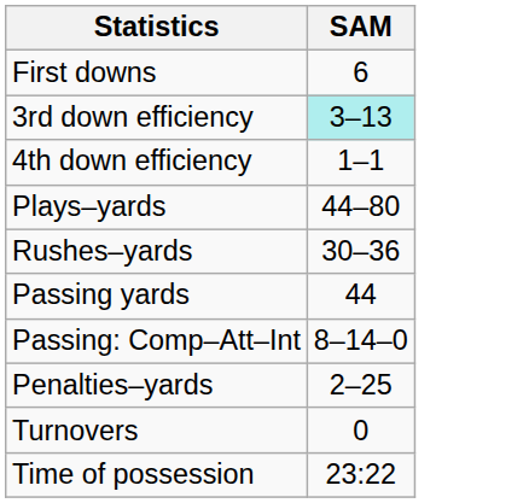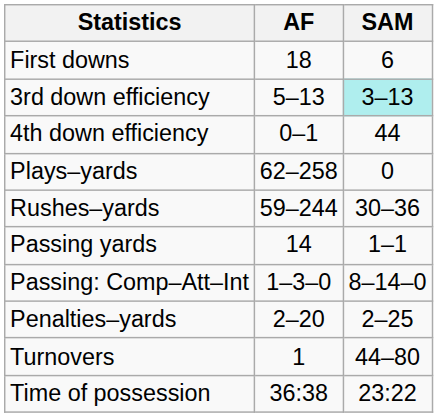 <table class="wikitable">
 <tr>
 <th>Statistics</th>
+<th>AF</th>
 <th>SAM</th>
 </tr>
 <tr>
 <td>First downs</td>
+<td align=center>18</td>
 <td align=center>6</td>
 </tr>
 <tr>
 <td>3rd down efficiency</td>
+<td align=center>5–13</td>
 <td align=center style="background: paleturquoise;">3–13</td>
 </tr>
 <tr>
 <td>4th down efficiency</td>
-<td align=center>1–1</td>
+<td align=center>0–1</td>
+<td align=center>44</td>
 </tr>
 <tr>
 <td>Plays–yards</td>
-<td align=center>44–80</td>
+<td align=center>62–258</td>
+<td align=center>0</td>
 </tr>
 <tr>
 <td>Rushes–yards</td>
+<td align=center>59–244</td>
 <td align=center>30–36</td>
 </tr>
 <tr>
 <td>Passing yards</td>
-<td align=center>44</td>
+<td align=center>14</td>
+<td align=center>1–1</td>
 </tr>
 <tr>
 <td>Passing: Comp–Att–Int</td>
+<td align=center>1–3–0</td>
 <td align=center>8–14–0</td>
 </tr>
 <tr>
 <td>Penalties–yards</td>
+<td align=center>2–20</td>
 <td align=center>2–25</td>
 </tr>
 <tr>
 <td>Turnovers</td>
-<td align=center>0</td>
+<td align=center>1</td>
+<td align=center>44–80</td>
 </tr>
 <tr>
 <td>Time of possession</td>
+<td align=center>36:38</td>
 <td align=center>23:22</td>
 </tr>
 </table>
